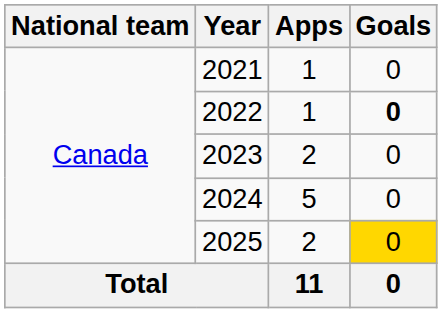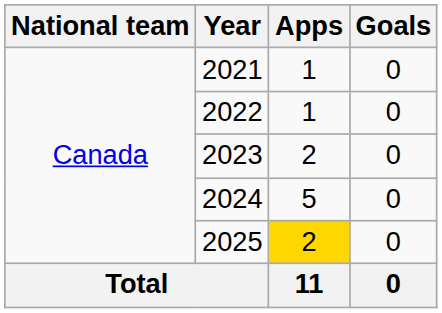 <table class="wikitable" style="text-align:center">
 <tr>
 <th>National team</th>
 <th>Year</th>
 <th>Apps</th>
 <th>Goals</th>
 </tr>
 <tr>
 <td rowspan=5><a href='#'>Canada</a></td>
 <td>2021</td>
 <td>1</td>
 <td>0</td>
 </tr>
 <tr>
 <td>2022</td>
 <td>1</td>
-<td><strong>0</strong></td>
+<td>0</td>
 </tr>
 <tr>
 <td>2023</td>
 <td>2</td>
 <td>0</td>
 </tr>
 <tr>
 <td>2024</td>
 <td>5</td>
 <td>0</td>
 </tr>
 <tr>
 <td>2025</td>
-<td>2</td>
-<td style="background: gold;">0</td>
+<td style="background: gold;">2</td>
+<td>0</td>
 </tr>
 <tr>
 <th colspan=2>Total</th>
 <th>11</th>
 <th>0</th>
 </tr>
 </table>
